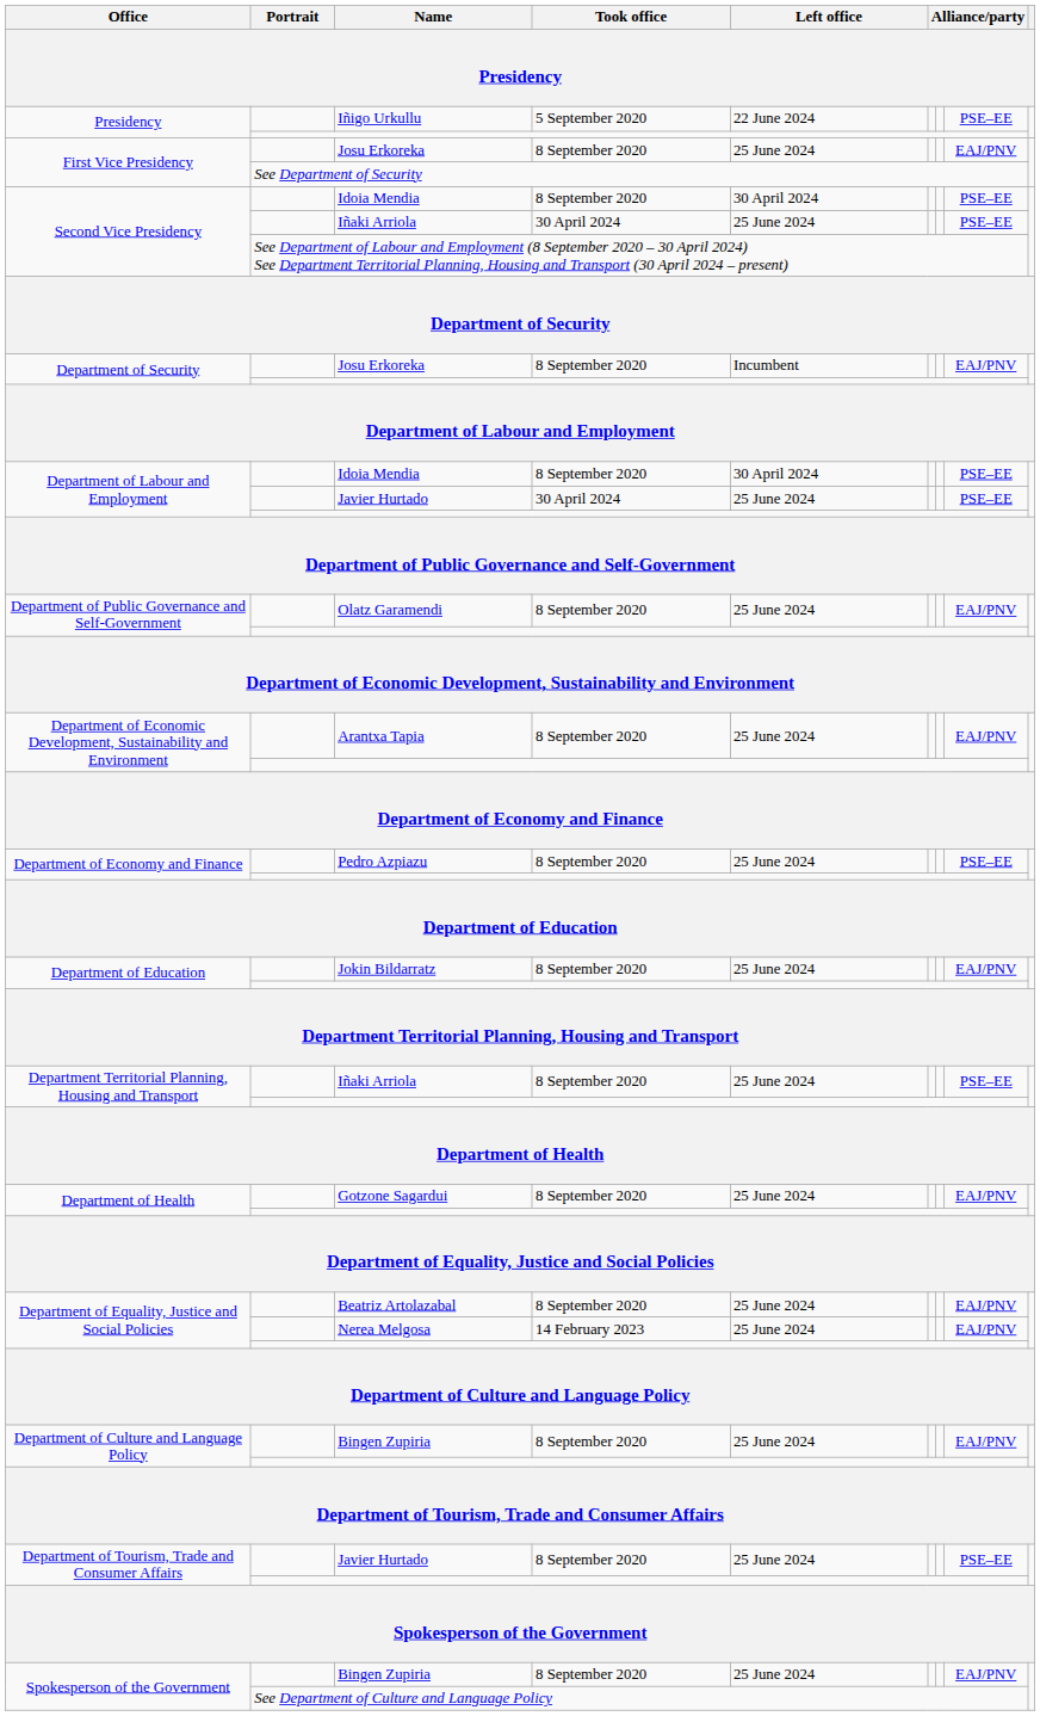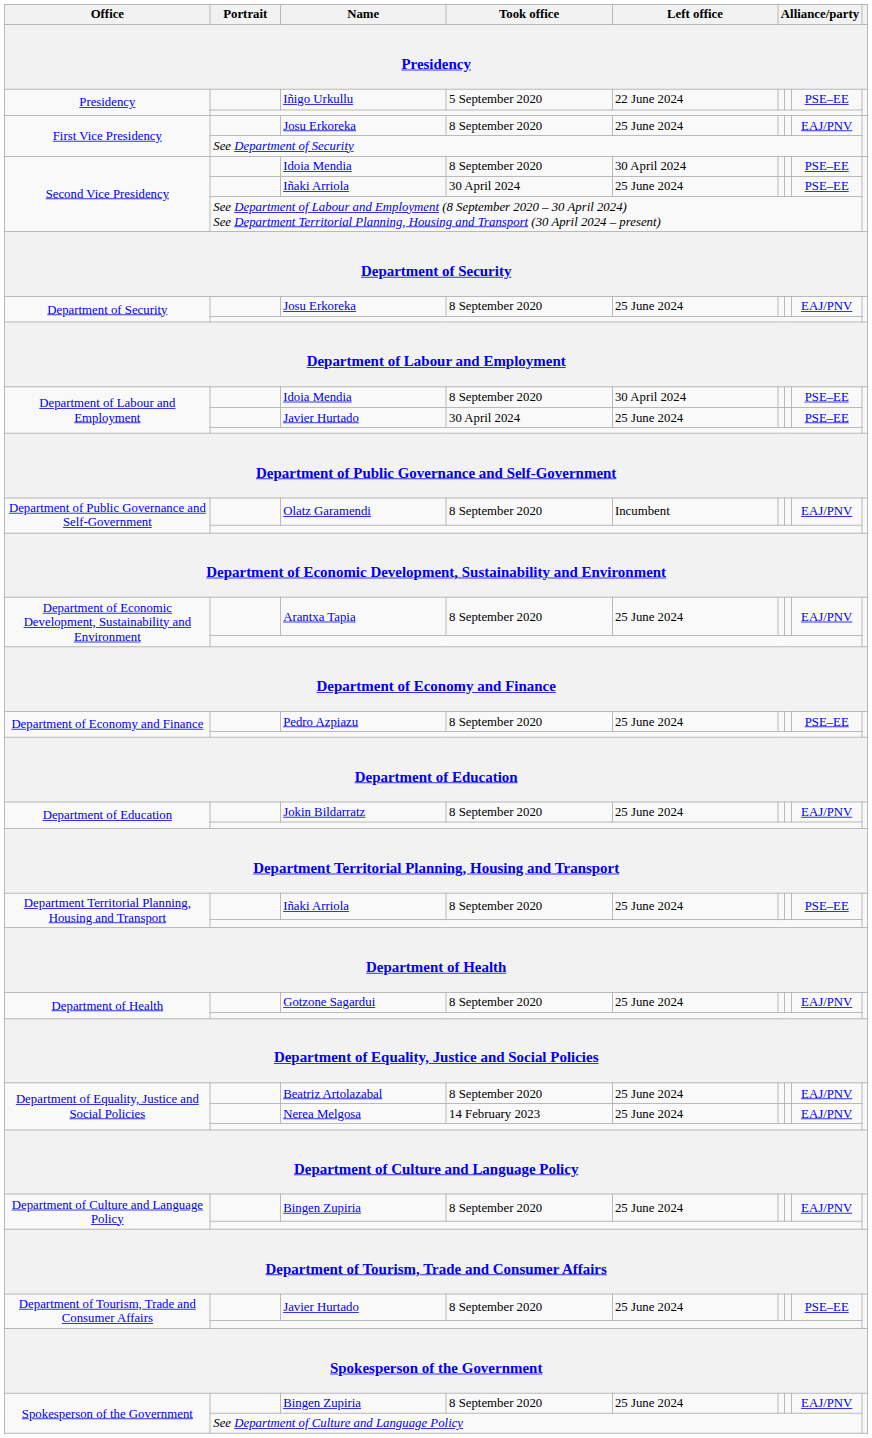 <table class="wikitable" style="line-height:18px;">
 <tr>
 <th scope="col">Office<br></th>
 <th scope="col">Portrait</th>
 <th scope="col">Name</th>
 <th scope="col">Took office</th>
 <th scope="col">Left office</th>
 <th colspan="3" scope="col">Alliance/party</th>
 <th></th>
 </tr>
 <tr>
 <th colspan="9"><br><h3><a href='#'>Presidency</a></h3></th>
 </tr>
 <tr>
 <td rowspan="2" width="250" align="center"><a href='#'>Presidency</a><br></td>
 <td width="80"></td>
 <td width="200"><a href='#'>Iñigo Urkullu</a></td>
 <td width="200">5 September 2020</td>
 <td width="200">22 June 2024</td>
 <td width="1" style="color:inherit;background-color:"></td>
 <td width="1" style="background-color:"></td>
 <td align="center"><a href='#'>PSE–EE</a></td>
 <td rowspan="2" align="center"></td>
 </tr>
 <tr>
 <td colspan="7"></td>
 </tr>
 <tr>
 <td rowspan="2" align="center"><a href='#'>First Vice Presidency</a><br></td>
 <td></td>
 <td><a href='#'>Josu Erkoreka</a></td>
 <td>8 September 2020</td>
 <td>25 June 2024</td>
 <td style="color:inherit;background-color:"></td>
 <td style="background-color:"></td>
 <td align="center"><a href='#'>EAJ/PNV</a></td>
 <td rowspan="2" align="center"></td>
 </tr>
 <tr>
 <td colspan="7"><em>See <a href='#'>Department of Security</a></em></td>
 </tr>
 <tr>
 <td rowspan="3" align="center"><a href='#'>Second Vice Presidency</a><br></td>
 <td></td>
 <td><a href='#'>Idoia Mendia</a></td>
 <td>8 September 2020</td>
 <td>30 April 2024</td>
 <td style="color:inherit;background-color:"></td>
 <td style="background-color:"></td>
 <td align="center"><a href='#'>PSE–EE</a></td>
 <td rowspan="3"></td>
 </tr>
 <tr>
 <td></td>
 <td><a href='#'>Iñaki Arriola</a><br></td>
 <td>30 April 2024</td>
 <td>25 June 2024</td>
 <td style="color:inherit;background-color:"></td>
 <td style="background-color:"></td>
 <td align="center"><a href='#'>PSE–EE</a></td>
 </tr>
 <tr>
 <td colspan="7"><em>See <a href='#'>Department of Labour and Employment</a> (8 September 2020 – 30 April 2024)<br>See <a href='#'> Department Territorial Planning, Housing and Transport</a> (30 April 2024 – present)</em></td>
 </tr>
 <tr>
 <th colspan="9"><br><h3><a href='#'>Department of Security</a></h3></th>
 </tr>
 <tr>
 <td rowspan="2" align="center"><a href='#'>Department of Security</a><br></td>
 <td></td>
 <td><a href='#'>Josu Erkoreka</a></td>
 <td>8 September 2020</td>
-<td>Incumbent</td>
+<td>25 June 2024</td>
 <td style="color:inherit;background-color:"></td>
 <td style="background-color:"></td>
 <td align="center"><a href='#'>EAJ/PNV</a></td>
 <td rowspan="2" align="center"></td>
 </tr>
 <tr>
 <td colspan="7"></td>
 </tr>
 <tr>
 <th colspan="9"><br><h3><a href='#'>Department of Labour and Employment</a></h3></th>
 </tr>
 <tr>
 <td rowspan="3" align="center"><a href='#'>Department of Labour and Employment</a><br></td>
 <td></td>
 <td><a href='#'>Idoia Mendia</a></td>
 <td>8 September 2020</td>
 <td>30 April 2024</td>
 <td style="color:inherit;background-color:"></td>
 <td style="background-color:"></td>
 <td align="center"><a href='#'>PSE–EE</a></td>
 <td rowspan="3" align="center"></td>
 </tr>
 <tr>
 <td></td>
 <td><a href='#'>Javier Hurtado</a><br></td>
 <td>30 April 2024</td>
 <td>25 June 2024</td>
 <td style="color:inherit;background-color:"></td>
 <td style="background-color:"></td>
 <td align="center"><a href='#'>PSE–EE</a></td>
 </tr>
 <tr>
 <td colspan="7"></td>
 </tr>
 <tr>
 <th colspan="9"><br><h3><a href='#'>Department of Public Governance and Self-Government</a></h3></th>
 </tr>
 <tr>
 <td rowspan="2" align="center"><a href='#'>Department of Public Governance and Self-Government</a><br></td>
 <td></td>
 <td><a href='#'>Olatz Garamendi</a></td>
 <td>8 September 2020</td>
-<td>25 June 2024</td>
+<td>Incumbent</td>
 <td style="color:inherit;background-color:"></td>
 <td style="background-color:"></td>
 <td align="center"><a href='#'>EAJ/PNV</a></td>
 <td rowspan="2" align="center"></td>
 </tr>
 <tr>
 <td colspan="7"></td>
 </tr>
 <tr>
 <th colspan="9"><br><h3><a href='#'>Department of Economic Development, Sustainability and Environment</a></h3></th>
 </tr>
 <tr>
 <td rowspan="2" align="center"><a href='#'>Department of Economic Development, Sustainability and Environment</a><br></td>
 <td></td>
 <td><a href='#'>Arantxa Tapia</a></td>
 <td>8 September 2020</td>
 <td>25 June 2024</td>
 <td style="color:inherit;background-color:"></td>
 <td style="background-color:"></td>
 <td align="center"><a href='#'>EAJ/PNV</a></td>
 <td rowspan="2" align="center"></td>
 </tr>
 <tr>
 <td colspan="7"></td>
 </tr>
 <tr>
 <th colspan="9"><br><h3><a href='#'>Department of Economy and Finance</a></h3></th>
 </tr>
 <tr>
 <td rowspan="2" align="center"><a href='#'>Department of Economy and Finance</a><br></td>
 <td></td>
 <td><a href='#'>Pedro Azpiazu</a></td>
 <td>8 September 2020</td>
 <td>25 June 2024</td>
 <td style="color:inherit;background-color:"></td>
 <td style="background-color:"></td>
 <td align="center"><a href='#'>PSE–EE</a></td>
 <td rowspan="2" align="center"></td>
 </tr>
 <tr>
 <td colspan="7"></td>
 </tr>
 <tr>
 <th colspan="9"><br><h3><a href='#'>Department of Education</a></h3></th>
 </tr>
 <tr>
 <td rowspan="2" align="center"><a href='#'>Department of Education</a><br></td>
 <td></td>
 <td><a href='#'>Jokin Bildarratz</a></td>
 <td>8 September 2020</td>
 <td>25 June 2024</td>
 <td style="color:inherit;background-color:"></td>
 <td style="background-color:"></td>
 <td align="center"><a href='#'>EAJ/PNV</a></td>
 <td rowspan="2" align="center"></td>
 </tr>
 <tr>
 <td colspan="7"></td>
 </tr>
 <tr>
 <th colspan="9"><br><h3><a href='#'>Department Territorial Planning, Housing and Transport</a></h3></th>
 </tr>
 <tr>
 <td rowspan="2" align="center"><a href='#'>Department Territorial Planning, Housing and Transport</a><br></td>
 <td></td>
 <td><a href='#'>Iñaki Arriola</a></td>
 <td>8 September 2020</td>
 <td>25 June 2024</td>
 <td style="color:inherit;background-color:"></td>
 <td style="background-color:"></td>
 <td align="center"><a href='#'>PSE–EE</a></td>
 <td rowspan="2" align="center"></td>
 </tr>
 <tr>
 <td colspan="7"></td>
 </tr>
 <tr>
 <th colspan="9"><br><h3><a href='#'>Department of Health</a></h3></th>
 </tr>
 <tr>
 <td rowspan="2" align="center"><a href='#'>Department of Health</a><br></td>
 <td></td>
 <td><a href='#'>Gotzone Sagardui</a></td>
 <td>8 September 2020</td>
 <td>25 June 2024</td>
 <td style="color:inherit;background-color:"></td>
 <td style="background-color:"></td>
 <td align="center"><a href='#'>EAJ/PNV</a></td>
 <td rowspan="2" align="center"></td>
 </tr>
 <tr>
 <td colspan="7"></td>
 </tr>
 <tr>
 <th colspan="9"><br><h3><a href='#'>Department of Equality, Justice and Social Policies</a></h3></th>
 </tr>
 <tr>
 <td rowspan="3" align="center"><a href='#'>Department of Equality, Justice and Social Policies</a><br></td>
 <td></td>
 <td><a href='#'>Beatriz Artolazabal</a></td>
 <td>8 September 2020</td>
 <td>25 June 2024</td>
 <td style="color:inherit;background-color:"></td>
 <td style="background-color:"></td>
 <td align="center"><a href='#'>EAJ/PNV</a></td>
 <td rowspan="3" align="center"></td>
 </tr>
 <tr>
 <td></td>
 <td><a href='#'>Nerea Melgosa</a></td>
 <td>14 February 2023</td>
 <td>25 June 2024</td>
 <td style="color:inherit;background-color:"></td>
 <td style="background-color:"></td>
 <td align="center"><a href='#'>EAJ/PNV</a></td>
 </tr>
 <tr>
 <td colspan="7"></td>
 </tr>
 <tr>
 <th colspan="9"><br><h3><a href='#'>Department of Culture and Language Policy</a></h3></th>
 </tr>
 <tr>
 <td rowspan="2" align="center"><a href='#'>Department of Culture and Language Policy</a><br></td>
 <td></td>
 <td><a href='#'>Bingen Zupiria</a></td>
 <td>8 September 2020</td>
 <td>25 June 2024</td>
 <td style="color:inherit;background-color:"></td>
 <td style="background-color:"></td>
 <td align="center"><a href='#'>EAJ/PNV</a></td>
 <td rowspan="2" align="center"></td>
 </tr>
 <tr>
 <td colspan="7"></td>
 </tr>
 <tr>
 <th colspan="9"><br><h3><a href='#'>Department of Tourism, Trade and Consumer Affairs</a></h3></th>
 </tr>
 <tr>
 <td rowspan="2" align="center"><a href='#'>Department of Tourism, Trade and Consumer Affairs</a><br></td>
 <td></td>
 <td><a href='#'>Javier Hurtado</a></td>
 <td>8 September 2020</td>
 <td>25 June 2024</td>
 <td style="color:inherit;background-color:"></td>
 <td style="background-color:"></td>
 <td align="center"><a href='#'>PSE–EE</a></td>
 <td rowspan="2" align="center"></td>
 </tr>
 <tr>
 <td colspan="7"></td>
 </tr>
 <tr>
 <th colspan="9"><br><h3><a href='#'>Spokesperson of the Government</a></h3></th>
 </tr>
 <tr>
 <td rowspan="2" align="center"><a href='#'>Spokesperson of the Government</a><br></td>
 <td></td>
 <td><a href='#'>Bingen Zupiria</a></td>
 <td>8 September 2020</td>
 <td>25 June 2024</td>
 <td style="color:inherit;background-color:"></td>
 <td style="background-color:"></td>
 <td align="center"><a href='#'>EAJ/PNV</a></td>
 <td rowspan="2" align="center"></td>
 </tr>
 <tr>
 <td colspan="7"><em>See <a href='#'>Department of Culture and Language Policy</a></em></td>
 </tr>
 </table>
